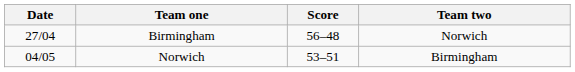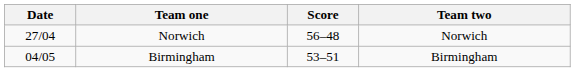 <table class="wikitable" style="text-align: center">
 <tr>
 <th width=80>Date</th>
 <th width=250>Team one</th>
 <th width=80>Score</th>
 <th width=250>Team two</th>
 </tr>
 <tr>
 <td>27/04</td>
-<td>Birmingham</td>
+<td>Norwich</td>
 <td>56–48</td>
 <td>Norwich</td>
 </tr>
 <tr>
 <td>04/05</td>
-<td>Norwich</td>
+<td>Birmingham</td>
 <td>53–51</td>
 <td>Birmingham</td>
 </tr>
 </table>
